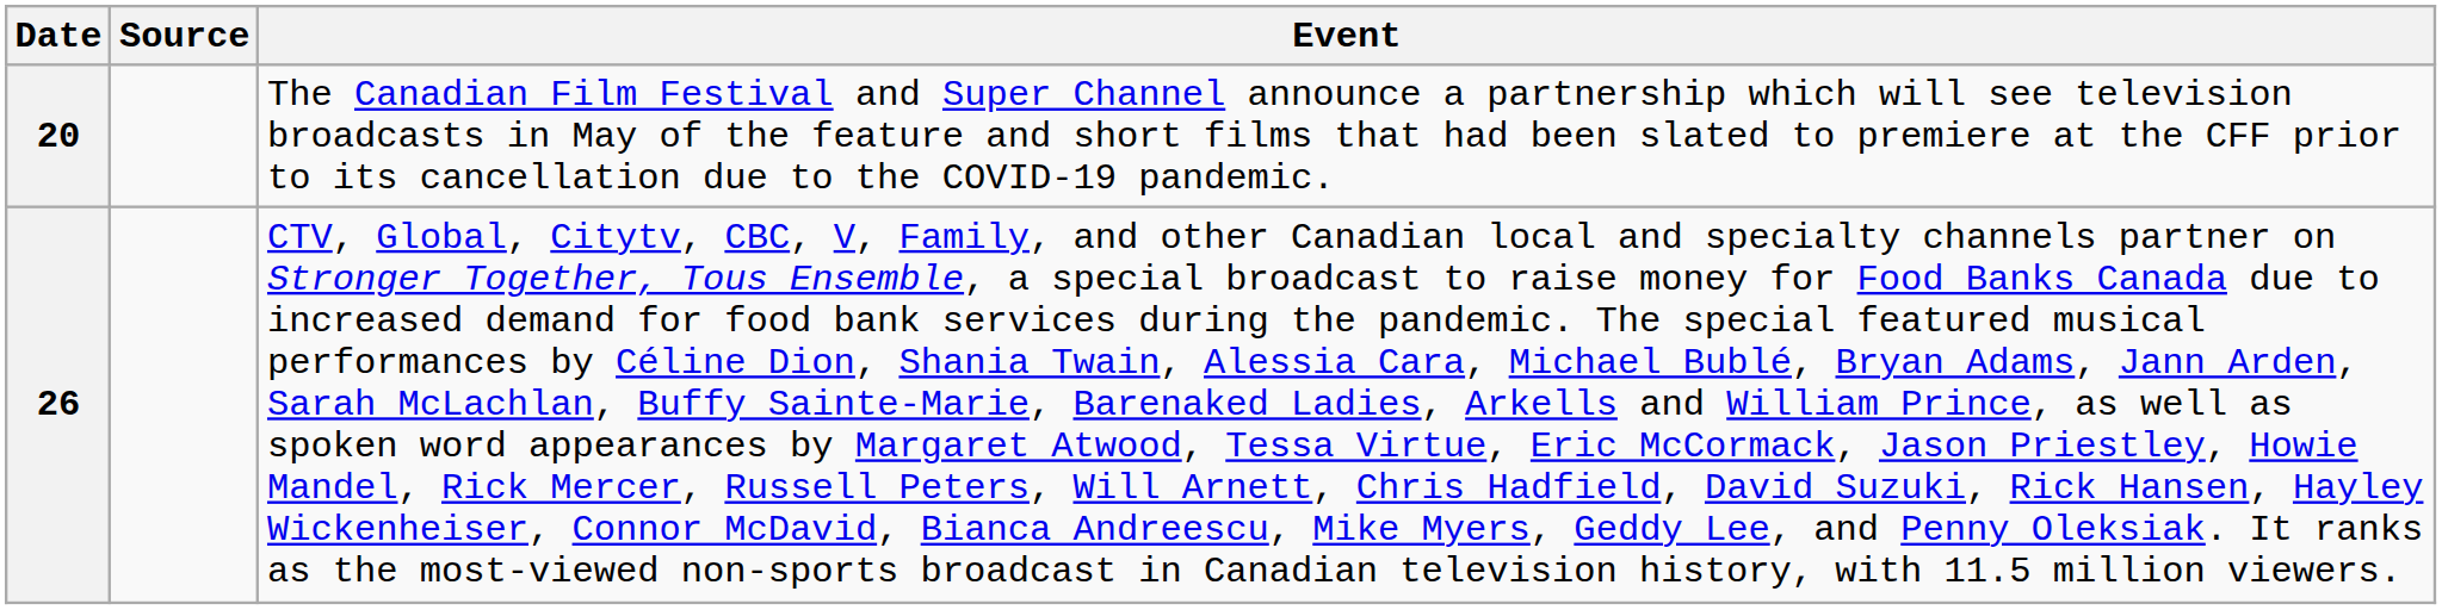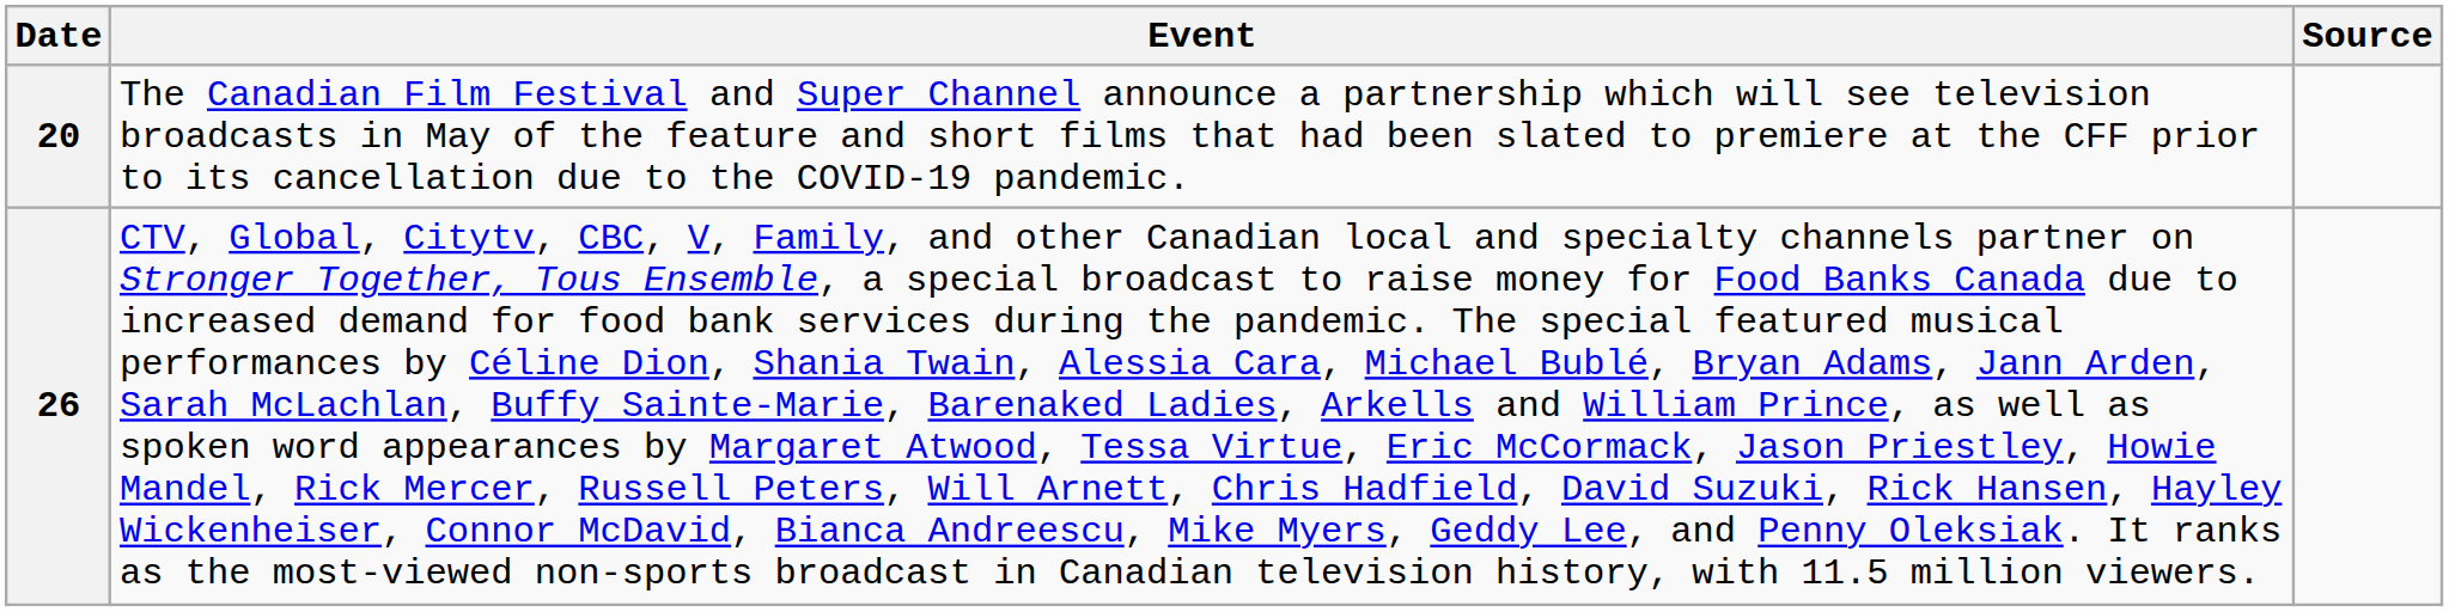 <table class="wikitable">
 <tr>
 <th>Date</th>
+<th>Event</th>
 <th>Source</th>
-<th>Event</th>
 </tr>
 <tr>
 <th>20</th>
+<td>The <a href='#'>Canadian Film Festival</a> and <a href='#'>Super Channel</a> announce a partnership which will see television broadcasts in May of the feature and short films that had been slated to premiere at the CFF prior to its cancellation due to the COVID-19 pandemic.</td>
 <td></td>
-<td>The <a href='#'>Canadian Film Festival</a> and <a href='#'>Super Channel</a> announce a partnership which will see television broadcasts in May of the feature and short films that had been slated to premiere at the CFF prior to its cancellation due to the COVID-19 pandemic.</td>
 </tr>
 <tr>
 <th>26</th>
+<td><a href='#'>CTV</a>, <a href='#'>Global</a>, <a href='#'>Citytv</a>, <a href='#'>CBC</a>, <a href='#'>V</a>, <a href='#'>Family</a>, and other Canadian local and specialty channels partner on <em><a href='#'>Stronger Together, Tous Ensemble</a></em>, a special broadcast to raise money for <a href='#'>Food Banks Canada</a> due to increased demand for food bank services during the pandemic. The special featured musical performances by <a href='#'>Céline Dion</a>, <a href='#'>Shania Twain</a>, <a href='#'>Alessia Cara</a>, <a href='#'>Michael Bublé</a>, <a href='#'>Bryan Adams</a>, <a href='#'>Jann Arden</a>, <a href='#'>Sarah McLachlan</a>, <a href='#'>Buffy Sainte-Marie</a>, <a href='#'>Barenaked Ladies</a>, <a href='#'>Arkells</a> and <a href='#'>William Prince</a>, as well as spoken word appearances by <a href='#'>Margaret Atwood</a>, <a href='#'>Tessa Virtue</a>, <a href='#'>Eric McCormack</a>, <a href='#'>Jason Priestley</a>, <a href='#'>Howie Mandel</a>, <a href='#'>Rick Mercer</a>, <a href='#'>Russell Peters</a>, <a href='#'>Will Arnett</a>, <a href='#'>Chris Hadfield</a>, <a href='#'>David Suzuki</a>, <a href='#'>Rick Hansen</a>, <a href='#'>Hayley Wickenheiser</a>, <a href='#'>Connor McDavid</a>, <a href='#'>Bianca Andreescu</a>, <a href='#'>Mike Myers</a>, <a href='#'>Geddy Lee</a>, and <a href='#'>Penny Oleksiak</a>. It ranks as the most-viewed non-sports broadcast in Canadian television history, with 11.5 million viewers.</td>
 <td></td>
-<td><a href='#'>CTV</a>, <a href='#'>Global</a>, <a href='#'>Citytv</a>, <a href='#'>CBC</a>, <a href='#'>V</a>, <a href='#'>Family</a>, and other Canadian local and specialty channels partner on <em><a href='#'>Stronger Together, Tous Ensemble</a></em>, a special broadcast to raise money for <a href='#'>Food Banks Canada</a> due to increased demand for food bank services during the pandemic. The special featured musical performances by <a href='#'>Céline Dion</a>, <a href='#'>Shania Twain</a>, <a href='#'>Alessia Cara</a>, <a href='#'>Michael Bublé</a>, <a href='#'>Bryan Adams</a>, <a href='#'>Jann Arden</a>, <a href='#'>Sarah McLachlan</a>, <a href='#'>Buffy Sainte-Marie</a>, <a href='#'>Barenaked Ladies</a>, <a href='#'>Arkells</a> and <a href='#'>William Prince</a>, as well as spoken word appearances by <a href='#'>Margaret Atwood</a>, <a href='#'>Tessa Virtue</a>, <a href='#'>Eric McCormack</a>, <a href='#'>Jason Priestley</a>, <a href='#'>Howie Mandel</a>, <a href='#'>Rick Mercer</a>, <a href='#'>Russell Peters</a>, <a href='#'>Will Arnett</a>, <a href='#'>Chris Hadfield</a>, <a href='#'>David Suzuki</a>, <a href='#'>Rick Hansen</a>, <a href='#'>Hayley Wickenheiser</a>, <a href='#'>Connor McDavid</a>, <a href='#'>Bianca Andreescu</a>, <a href='#'>Mike Myers</a>, <a href='#'>Geddy Lee</a>, and <a href='#'>Penny Oleksiak</a>. It ranks as the most-viewed non-sports broadcast in Canadian television history, with 11.5 million viewers.</td>
 </tr>
 </table>
